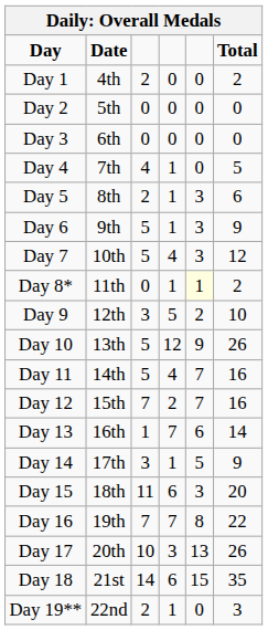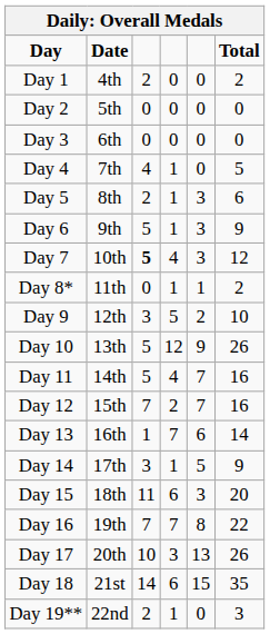 <table class="wikitable" style="font-size:100%" align="left">
 <tr bgcolor="#efefef">
 <th colspan=10><strong>Daily: Overall Medals</strong></th>
 </tr>
 <tr style="text-align:center;">
 <td><strong>Day</strong></td>
 <td><strong>Date</strong></td>
 <td></td>
 <td></td>
 <td></td>
 <td><strong>Total</strong></td>
 </tr>
 <tr style="text-align:center;">
 <td>Day 1</td>
 <td>4th</td>
 <td>2</td>
 <td>0</td>
 <td>0</td>
 <td>2</td>
 </tr>
 <tr style="text-align:center;">
 <td>Day 2</td>
 <td>5th</td>
 <td>0</td>
 <td>0</td>
 <td>0</td>
 <td>0</td>
 </tr>
 <tr style="text-align:center;">
 <td>Day 3</td>
 <td>6th</td>
 <td>0</td>
 <td>0</td>
 <td>0</td>
 <td>0</td>
 </tr>
 <tr style="text-align:center;">
 <td>Day 4</td>
 <td>7th</td>
 <td>4</td>
 <td>1</td>
 <td>0</td>
 <td>5</td>
 </tr>
 <tr style="text-align:center;">
 <td>Day 5</td>
 <td>8th</td>
 <td>2</td>
 <td>1</td>
 <td>3</td>
 <td>6</td>
 </tr>
 <tr style="text-align:center;">
 <td>Day 6</td>
 <td>9th</td>
 <td>5</td>
 <td>1</td>
 <td>3</td>
 <td>9</td>
 </tr>
 <tr style="text-align:center;">
 <td>Day 7</td>
 <td>10th</td>
-<td>5</td>
+<td><strong>5</strong></td>
 <td>4</td>
 <td>3</td>
 <td>12</td>
 </tr>
 <tr style="text-align:center;">
 <td>Day 8*</td>
 <td>11th</td>
 <td>0</td>
 <td>1</td>
-<td style="background: lightyellow;">1</td>
+<td>1</td>
 <td>2</td>
 </tr>
 <tr style="text-align:center;">
 <td>Day 9</td>
 <td>12th</td>
 <td>3</td>
 <td>5</td>
 <td>2</td>
 <td>10</td>
 </tr>
 <tr style="text-align:center;">
 <td>Day 10</td>
 <td>13th</td>
 <td>5</td>
 <td>12</td>
 <td>9</td>
 <td>26</td>
 </tr>
 <tr style="text-align:center;">
 <td>Day 11</td>
 <td>14th</td>
 <td>5</td>
 <td>4</td>
 <td>7</td>
 <td>16</td>
 </tr>
 <tr style="text-align:center;">
 <td>Day 12</td>
 <td>15th</td>
 <td>7</td>
 <td>2</td>
 <td>7</td>
 <td>16</td>
 </tr>
 <tr style="text-align:center;">
 <td>Day 13</td>
 <td>16th</td>
 <td>1</td>
 <td>7</td>
 <td>6</td>
 <td>14</td>
 </tr>
 <tr style="text-align:center;">
 <td>Day 14</td>
 <td>17th</td>
 <td>3</td>
 <td>1</td>
 <td>5</td>
 <td>9</td>
 </tr>
 <tr style="text-align:center;">
 <td>Day 15</td>
 <td>18th</td>
 <td>11</td>
 <td>6</td>
 <td>3</td>
 <td>20</td>
 </tr>
 <tr style="text-align:center;">
 <td>Day 16</td>
 <td>19th</td>
 <td>7</td>
 <td>7</td>
 <td>8</td>
 <td>22</td>
 </tr>
 <tr style="text-align:center;">
 <td>Day 17</td>
 <td>20th</td>
 <td>10</td>
 <td>3</td>
 <td>13</td>
 <td>26</td>
 </tr>
 <tr style="text-align:center;">
 <td>Day 18</td>
 <td>21st</td>
 <td>14</td>
 <td>6</td>
 <td>15</td>
 <td>35</td>
 </tr>
 <tr style="text-align:center;">
 <td>Day 19**</td>
 <td>22nd</td>
 <td>2</td>
 <td>1</td>
 <td>0</td>
 <td>3</td>
 </tr>
 </table>
